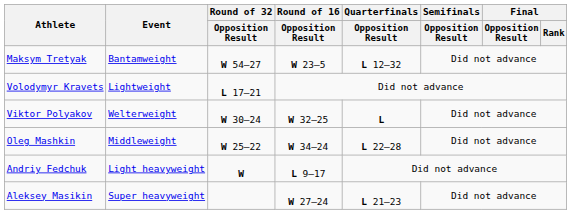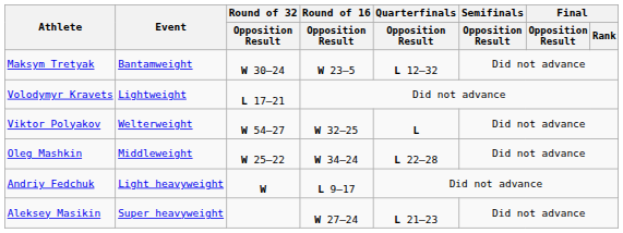 <table class="wikitable" style="font-size:90%">
 <tr>
 <th rowspan="2">Athlete</th>
 <th rowspan="2">Event</th>
 <th>Round of 32</th>
 <th>Round of 16</th>
 <th>Quarterfinals</th>
 <th>Semifinals</th>
 <th colspan=2>Final</th>
 </tr>
 <tr style="font-size:95%">
 <th>Opposition<br>Result</th>
 <th>Opposition<br>Result</th>
 <th>Opposition<br>Result</th>
 <th>Opposition<br>Result</th>
 <th>Opposition<br>Result</th>
 <th>Rank</th>
 </tr>
 <tr align=center>
 <td align=left><a href='#'>Maksym Tretyak</a></td>
 <td align=left><a href='#'>Bantamweight</a></td>
-<td><br><strong>W</strong> 54–27</td>
+<td><br><strong>W</strong> 30–24</td>
 <td><br><strong>W</strong> 23–5</td>
 <td><br><strong>L</strong> 12–32</td>
 <td colspan=3>Did not advance</td>
 </tr>
 <tr align=center>
 <td align=left><a href='#'>Volodymyr Kravets</a></td>
 <td align=left><a href='#'>Lightweight</a></td>
 <td><br><strong>L</strong> 17–21</td>
 <td colspan=5>Did not advance</td>
 </tr>
 <tr align=center>
 <td align=left><a href='#'>Viktor Polyakov</a></td>
 <td align=left><a href='#'>Welterweight</a></td>
-<td><br><strong>W</strong> 30–24</td>
+<td><br><strong>W</strong> 54–27</td>
 <td><br><strong>W</strong> 32–25</td>
 <td><br><strong>L</strong> </td>
 <td colspan=3>Did not advance</td>
 </tr>
 <tr align=center>
 <td align=left><a href='#'>Oleg Mashkin</a></td>
 <td align=left><a href='#'>Middleweight</a></td>
 <td><br><strong>W</strong> 25–22</td>
 <td><br><strong>W</strong> 34–24</td>
 <td><br><strong>L</strong> 22–28</td>
 <td colspan=3>Did not advance</td>
 </tr>
 <tr align=center>
 <td align=left><a href='#'>Andriy Fedchuk</a></td>
 <td align=left><a href='#'>Light heavyweight</a></td>
 <td><br><strong>W</strong> </td>
 <td><br><strong>L</strong> 9–17</td>
 <td colspan=4>Did not advance</td>
 </tr>
 <tr align=center>
 <td align=left><a href='#'>Aleksey Masikin</a></td>
 <td align=left><a href='#'>Super heavyweight</a></td>
 <td></td>
 <td><br><strong>W</strong> 27–24</td>
 <td><br><strong>L</strong> 21–23</td>
 <td colspan=3>Did not advance</td>
 </tr>
 </table>
